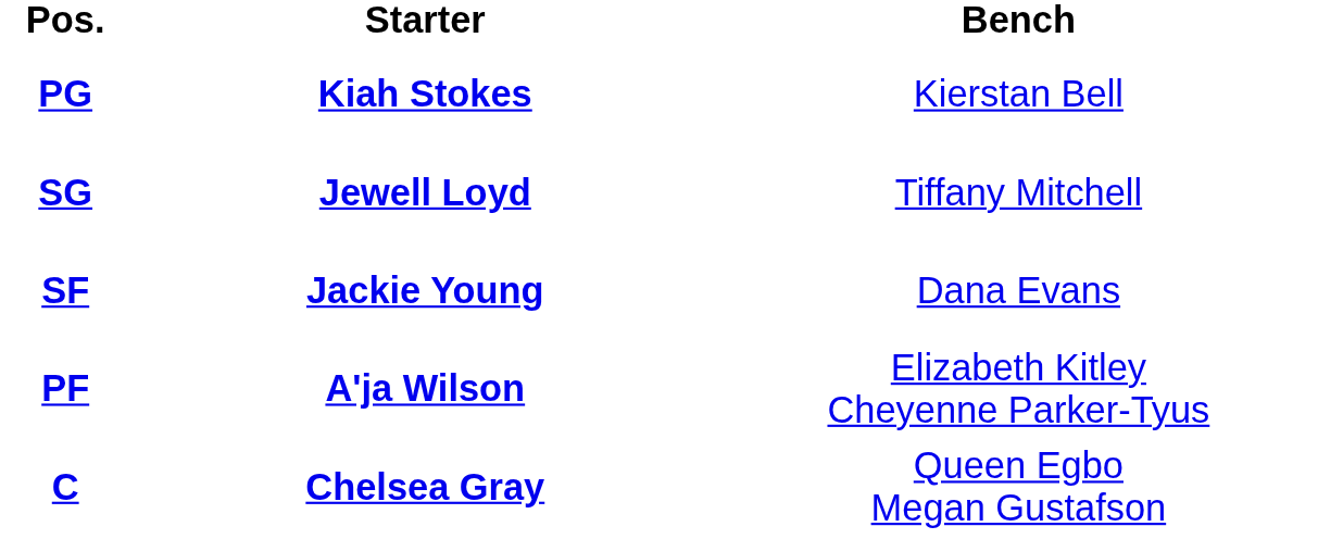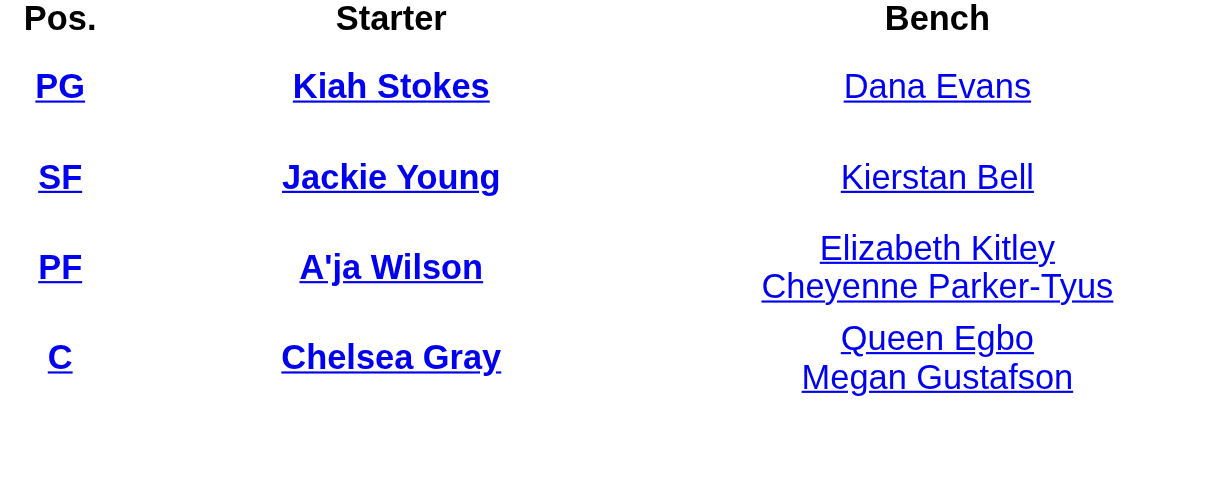 <table style="text-align:center; ">
 <tr>
 <th width="50">Pos.</th>
 <th width="250">Starter</th>
 <th width="250">Bench</th>
 </tr>
 <tr style="height:40px; background:white; color:#092C57">
 <th><a href='#'><span>PG</span></a></th>
 <td><strong><a href='#'>Kiah Stokes</a></strong></td>
-<td><a href='#'>Kierstan Bell</a></td>
-</tr>
-<tr style="height:40px; background:white; color:#092C57">
-<th><a href='#'><span>SG</span></a></th>
-<td><strong><a href='#'>Jewell Loyd</a></strong></td>
-<td><a href='#'>Tiffany Mitchell</a></td>
+<td><a href='#'>Dana Evans</a></td>
 </tr>
 <tr style="height:40px; background:white; color:#092C57">
 <th><a href='#'><span>SF</span></a></th>
 <td><strong><a href='#'>Jackie Young</a></strong></td>
-<td><a href='#'>Dana Evans</a></td>
+<td><a href='#'>Kierstan Bell</a></td>
 </tr>
 <tr style="height:40px; background:white; color:#092C57">
 <th><a href='#'><span>PF</span></a></th>
 <td><strong><a href='#'>A'ja Wilson</a></strong></td>
 <td><a href='#'>Elizabeth Kitley</a><br> <a href='#'>Cheyenne Parker-Tyus</a></td>
 </tr>
 <tr style="height:40px; background:white; color:#092C57">
 <th><a href='#'><span>C</span></a></th>
 <td><strong><a href='#'>Chelsea Gray</a></strong></td>
 <td><a href='#'>Queen Egbo</a><br><a href='#'>Megan Gustafson</a></td>
 </tr>
 </table>
